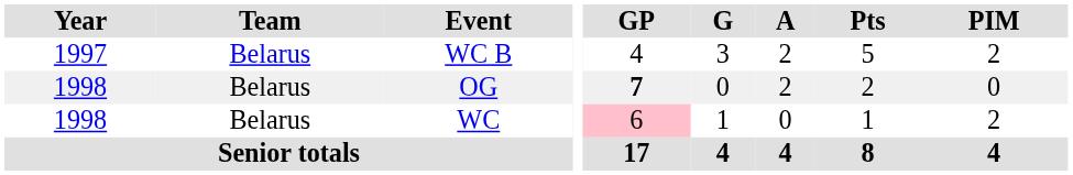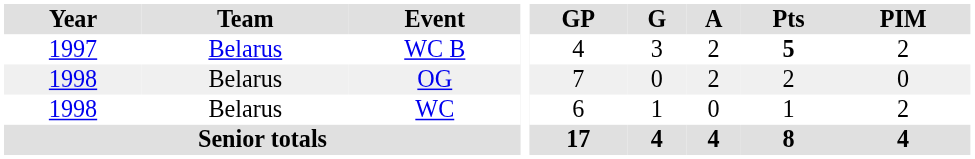 <table border="0" cellpadding="1" cellspacing="0" style="text-align:center; width:40em">
 <tr bgcolor="#e0e0e0">
 <th>Year</th>
 <th>Team</th>
 <th>Event</th>
 <th rowspan="99" bgcolor="#ffffff"></th>
 <th>GP</th>
 <th>G</th>
 <th>A</th>
 <th>Pts</th>
 <th>PIM</th>
 </tr>
 <tr>
 <td><a href='#'>1997</a></td>
 <td><a href='#'>Belarus</a></td>
 <td><a href='#'>WC B</a></td>
 <td>4</td>
 <td>3</td>
 <td>2</td>
-<td>5</td>
+<td><strong>5</strong></td>
 <td>2</td>
 </tr>
 <tr bgcolor="#f0f0f0">
 <td><a href='#'>1998</a></td>
 <td>Belarus</td>
 <td><a href='#'>OG</a></td>
-<td><strong>7</strong></td>
+<td>7</td>
 <td>0</td>
 <td>2</td>
 <td>2</td>
 <td>0</td>
 </tr>
 <tr>
 <td><a href='#'>1998</a></td>
 <td>Belarus</td>
 <td><a href='#'>WC</a></td>
-<td style="background: pink;">6</td>
+<td>6</td>
 <td>1</td>
 <td>0</td>
 <td>1</td>
 <td>2</td>
 </tr>
 <tr bgcolor="#e0e0e0">
 <th colspan="3">Senior totals</th>
 <th>17</th>
 <th>4</th>
 <th>4</th>
 <th>8</th>
 <th>4</th>
 </tr>
 </table>
